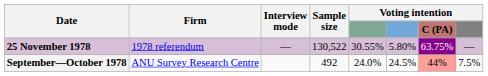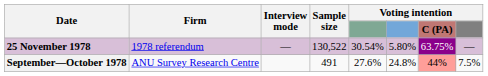 <table class="nowrap wikitable sortable tpl-blanktable" style=text-align:center;font-size:100%>
 <tr>
 <th rowspan=2>Date</th>
 <th rowspan=2>Firm</th>
 <th rowspan=2 class=unsortable>Interview<br>mode</th>
 <th rowspan=2 class=unsortable>Sample<br>size</th>
 <th colspan="4">Voting intention</th>
 </tr>
 <tr>
 <th class=unsortable style=background:#7FA894></th>
 <th class=unsortable style=background:#72A7D9></th>
 <th class=unsortable style=background:#C07773><span>C (PA)</span></th>
 <th class=unsortable style=background:grey><span></span></th>
 </tr>
 <tr style=background:Thistle>
 <td style=text-align:left><strong>25 November 1978</strong></td>
 <td style=text-align:left><a href='#'>1978 referendum</a></td>
 <td style="background:Thistle;">—</td>
 <td style="background:Thistle;">130,522</td>
-<td style="background:Thistle;">30.55%</td>
+<td style="background:Thistle;">30.54%</td>
 <td style="background:Thistle;">5.80%</td>
 <td style="background:DarkMagenta; color:white;">63.75%</td>
 <td style="background:Thistle;">—</td>
 </tr>
 <tr>
 <th style=text-align:left>September—October 1978</th>
 <td style=text-align:left><a href='#'>ANU Survey Research Centre</a></td>
 <td></td>
-<td>492</td>
-<td>24.0%</td>
-<td>24.5%</td>
+<td>491</td>
+<td>27.6%</td>
+<td>24.8%</td>
 <td style="background:#FF9E99">44%</td>
 <td>7.5%</td>
 </tr>
 </table>
